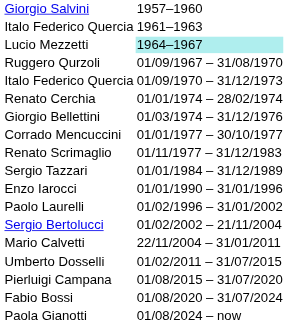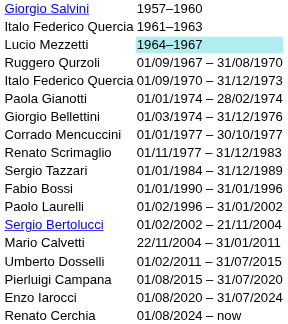 <table>
 <tr>
 <td><a href='#'>Giorgio Salvini</a></td>
 <td>1957–1960</td>
 </tr>
 <tr>
 <td>Italo Federico Quercia</td>
 <td>1961–1963</td>
 </tr>
 <tr>
 <td>Lucio Mezzetti</td>
 <td style="background: paleturquoise;">1964–1967</td>
 </tr>
 <tr>
 <td>Ruggero Qurzoli</td>
 <td>01/09/1967 – 31/08/1970</td>
 </tr>
 <tr>
 <td>Italo Federico Quercia</td>
 <td>01/09/1970 – 31/12/1973</td>
 </tr>
 <tr>
-<td>Renato Cerchia</td>
+<td>Paola Gianotti</td>
 <td>01/01/1974 – 28/02/1974</td>
 </tr>
 <tr>
 <td>Giorgio Bellettini</td>
 <td>01/03/1974 – 31/12/1976</td>
 </tr>
 <tr>
 <td>Corrado Mencuccini</td>
 <td>01/01/1977 – 30/10/1977</td>
 </tr>
 <tr>
 <td>Renato Scrimaglio</td>
 <td>01/11/1977 – 31/12/1983</td>
 </tr>
 <tr>
 <td>Sergio Tazzari</td>
 <td>01/01/1984 – 31/12/1989</td>
 </tr>
 <tr>
-<td>Enzo Iarocci</td>
+<td>Fabio Bossi</td>
 <td>01/01/1990 – 31/01/1996</td>
 </tr>
 <tr>
 <td>Paolo Laurelli</td>
 <td>01/02/1996 – 31/01/2002</td>
 </tr>
 <tr>
 <td><a href='#'>Sergio Bertolucci</a></td>
 <td>01/02/2002 – 21/11/2004</td>
 </tr>
 <tr>
 <td>Mario Calvetti</td>
 <td>22/11/2004 – 31/01/2011</td>
 </tr>
 <tr>
 <td>Umberto Dosselli</td>
 <td>01/02/2011 – 31/07/2015</td>
 </tr>
 <tr>
 <td>Pierluigi Campana</td>
 <td>01/08/2015 – 31/07/2020</td>
 </tr>
 <tr>
-<td>Fabio Bossi</td>
+<td>Enzo Iarocci</td>
 <td>01/08/2020 – 31/07/2024</td>
 </tr>
 <tr>
-<td>Paola Gianotti</td>
+<td>Renato Cerchia</td>
 <td>01/08/2024 – now</td>
 </tr>
 </table>
